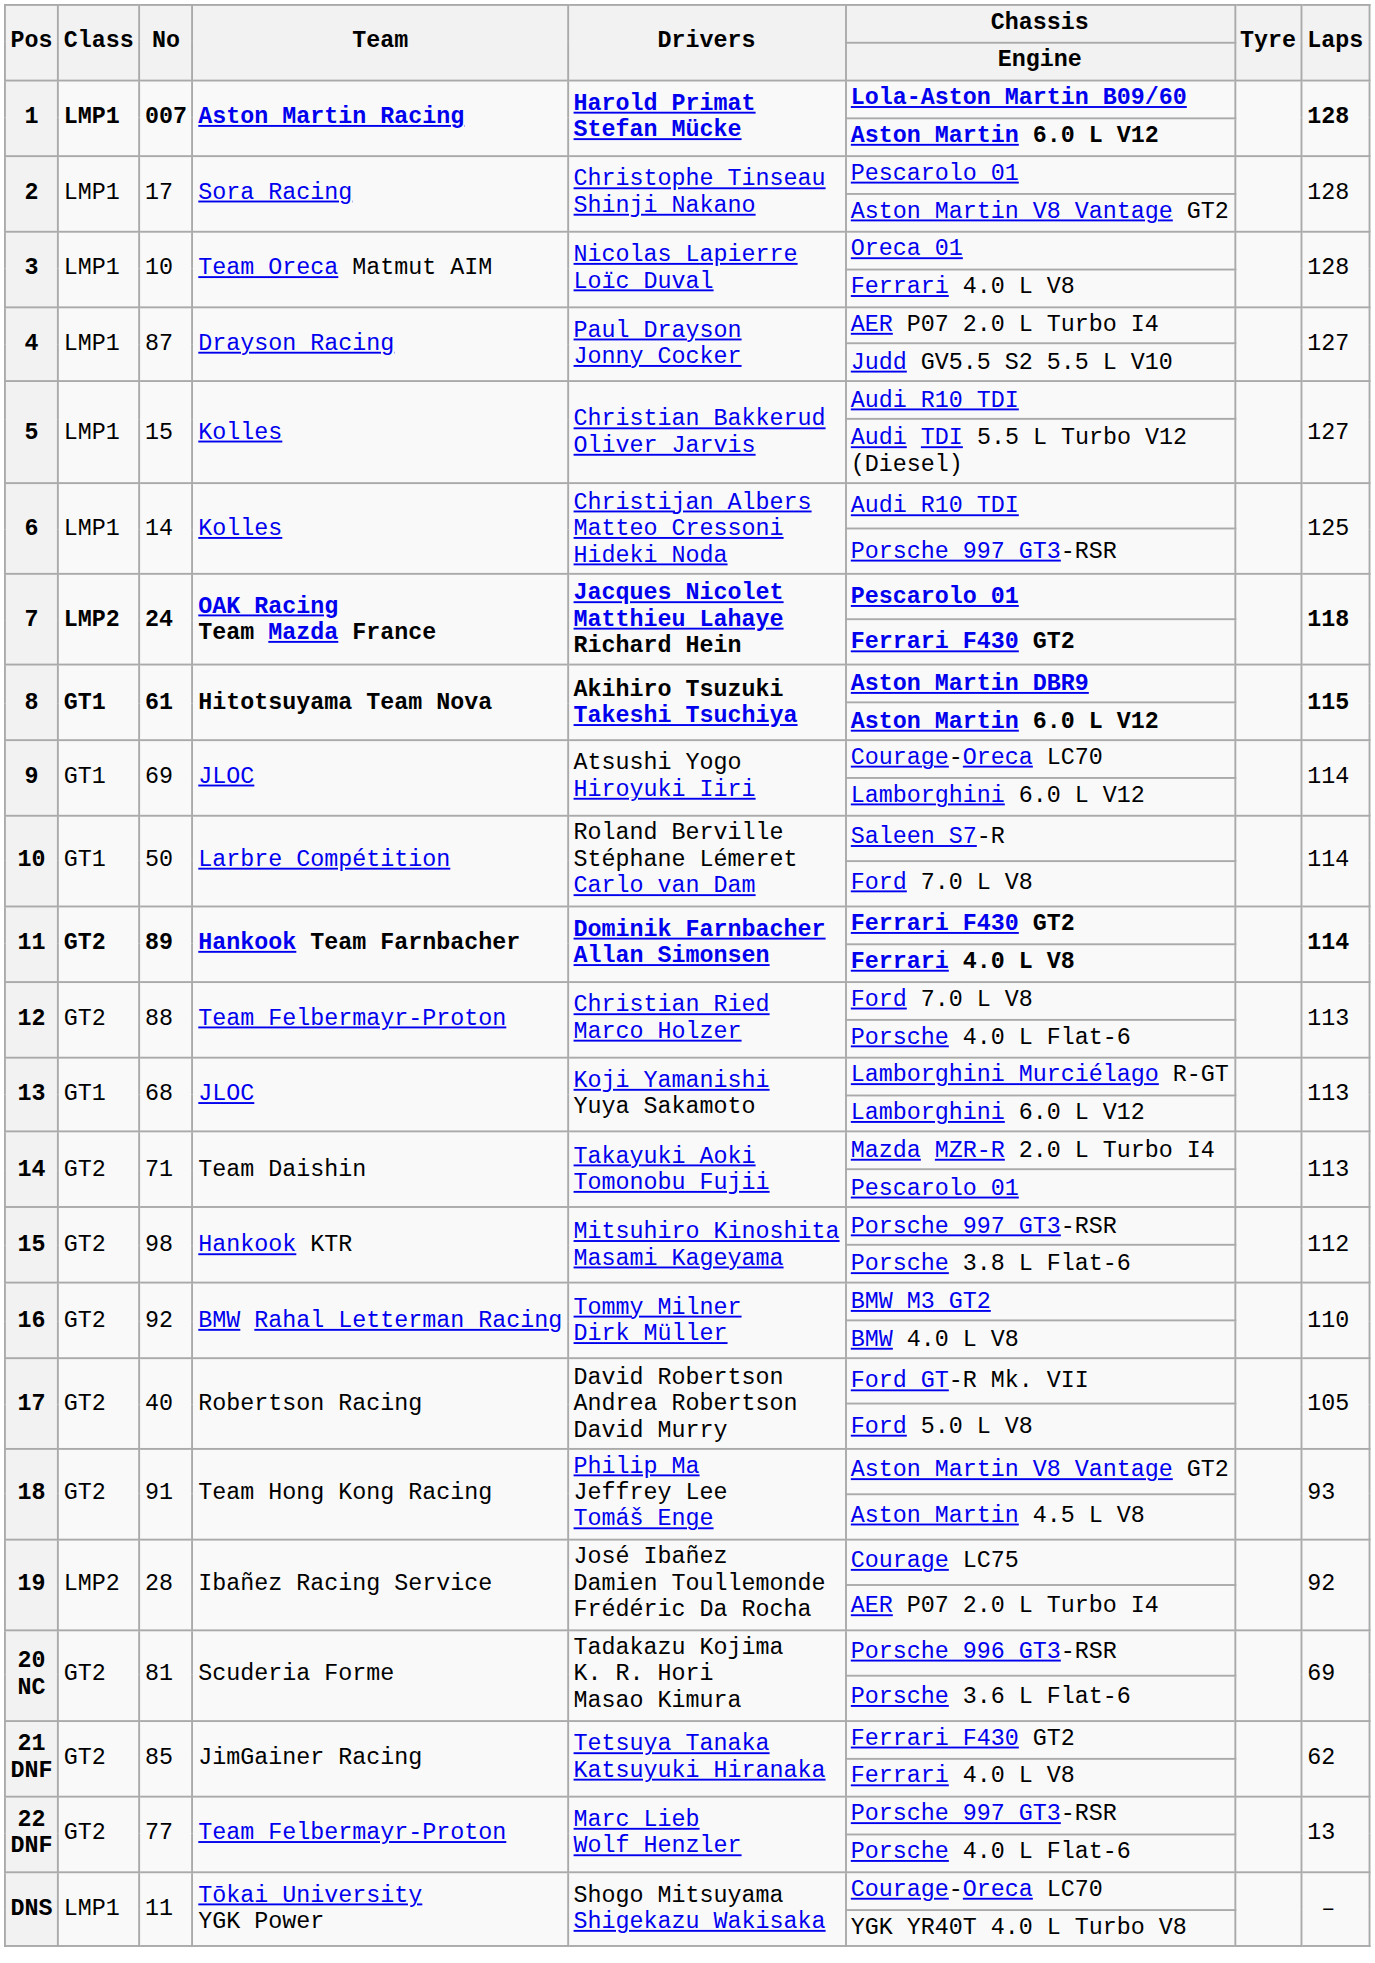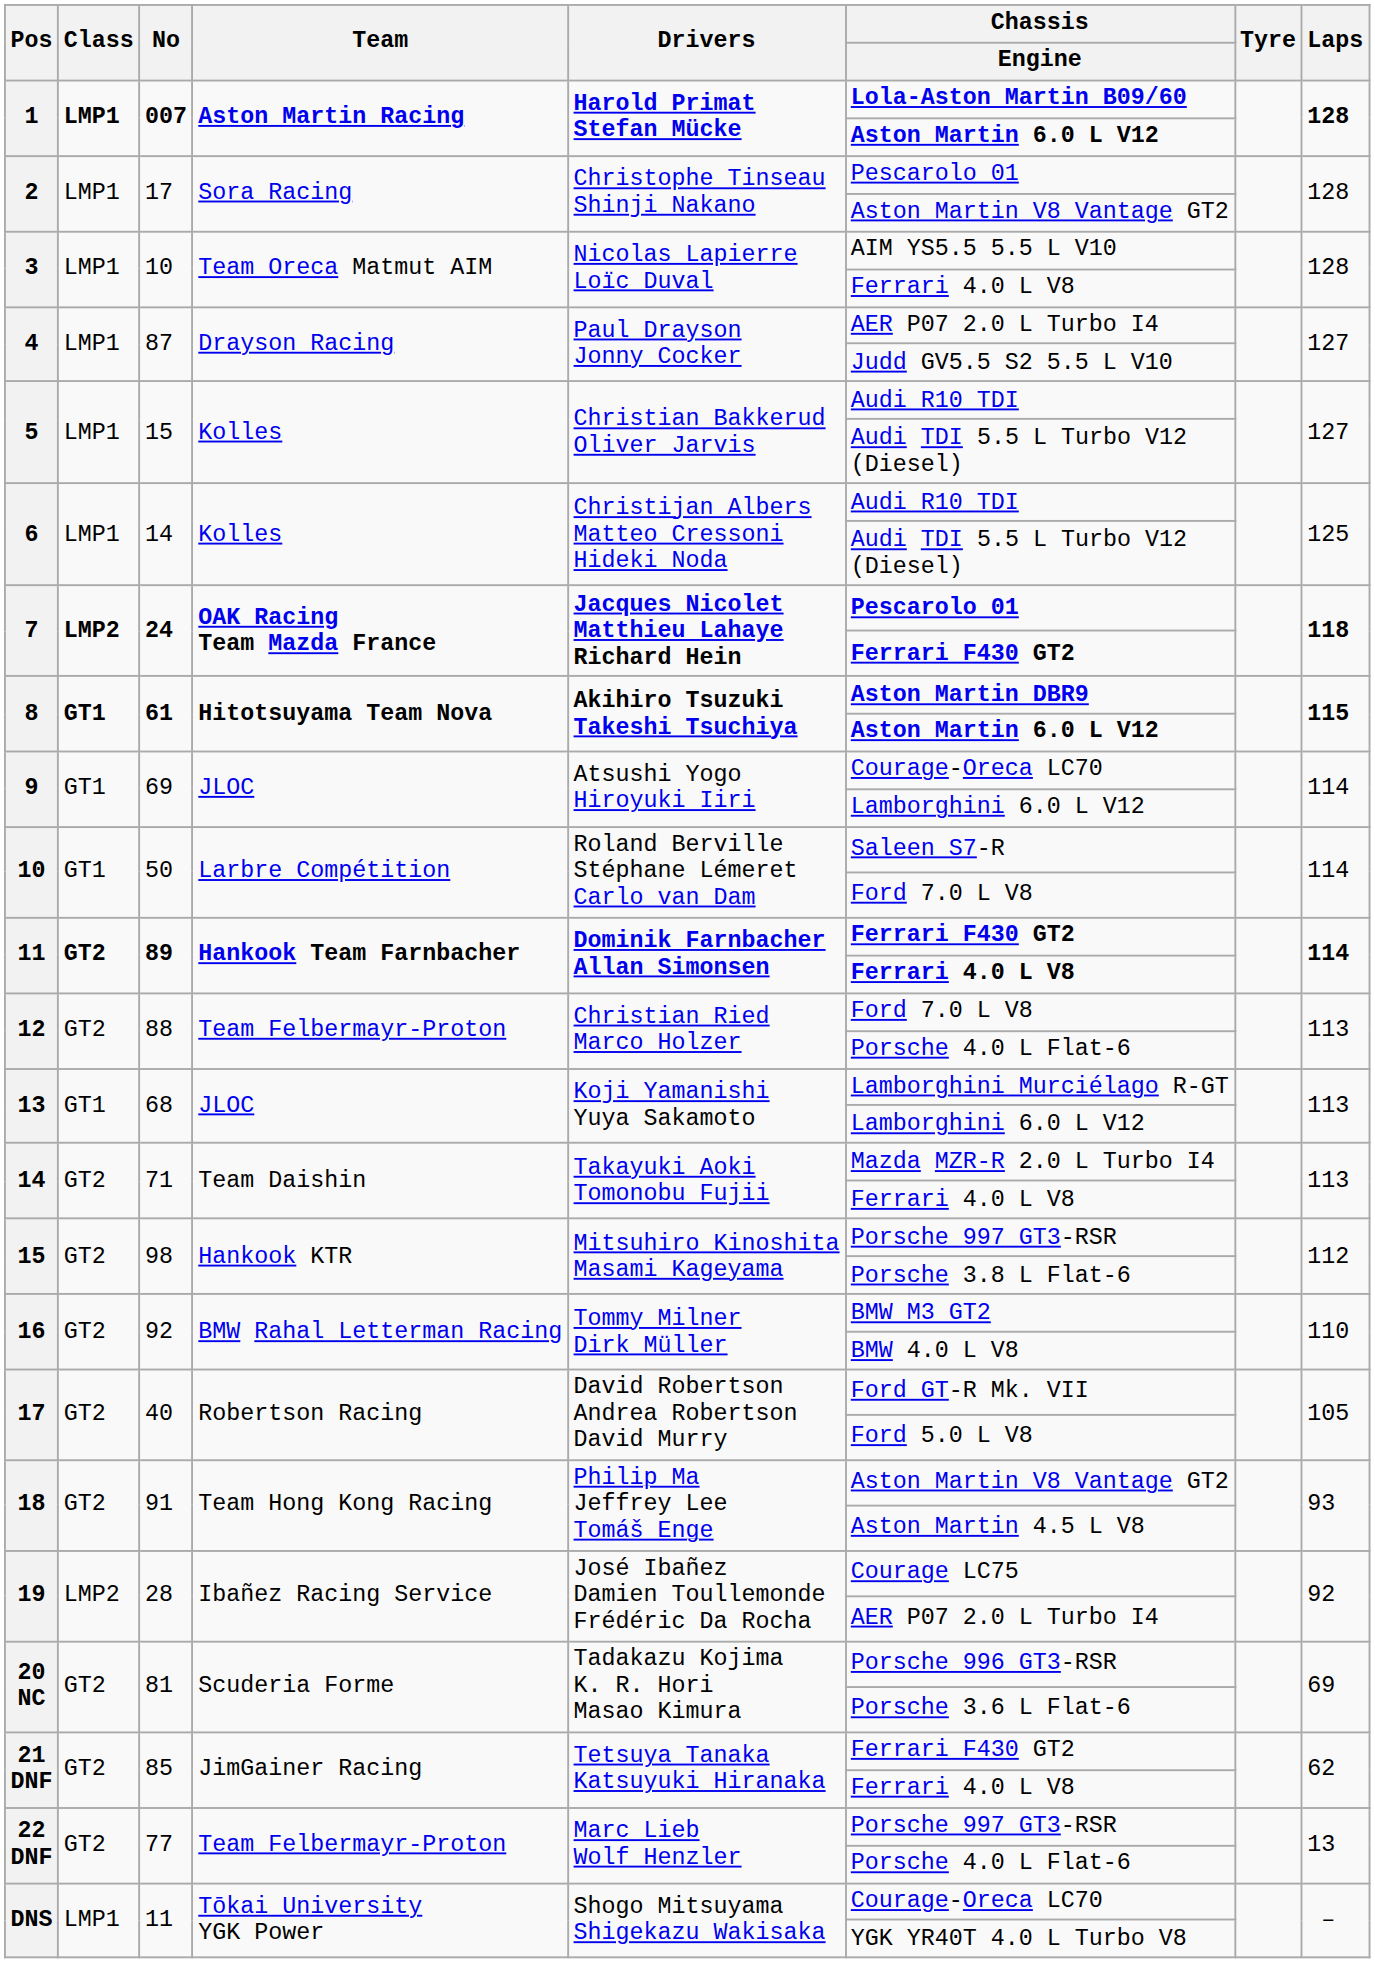 <table class="wikitable" style="font-size: 95%;">
 <tr>
 <th rowspan=2>Pos</th>
 <th rowspan=2>Class</th>
 <th rowspan=2>No</th>
 <th rowspan=2>Team</th>
 <th rowspan=2>Drivers</th>
 <th>Chassis</th>
 <th rowspan=2>Tyre</th>
 <th rowspan=2>Laps</th>
 </tr>
 <tr>
 <th>Engine</th>
 </tr>
 <tr style="font-weight:bold">
 <th rowspan=2>1</th>
 <td rowspan=2>LMP1</td>
 <td rowspan=2>007</td>
 <td rowspan=2> <a href='#'>Aston Martin Racing</a></td>
 <td rowspan=2> <a href='#'>Harold Primat</a><br> <a href='#'>Stefan Mücke</a></td>
 <td><a href='#'>Lola-Aston Martin B09/60</a></td>
 <td rowspan=2></td>
 <td rowspan=2>128</td>
 </tr>
 <tr style="font-weight:bold">
 <td><a href='#'>Aston Martin</a> 6.0 L V12</td>
 </tr>
 <tr>
 <th rowspan=2>2</th>
 <td rowspan=2>LMP1</td>
 <td rowspan=2>17</td>
 <td rowspan=2> <a href='#'>Sora Racing</a></td>
 <td rowspan=2> <a href='#'>Christophe Tinseau</a><br> <a href='#'>Shinji Nakano</a></td>
 <td><a href='#'>Pescarolo 01</a></td>
 <td rowspan=2></td>
 <td rowspan=2>128</td>
 </tr>
 <tr>
 <td><a href='#'>Aston Martin V8 Vantage</a> GT2</td>
 </tr>
 <tr>
 <th rowspan=2>3</th>
 <td rowspan=2>LMP1</td>
 <td rowspan=2>10</td>
 <td rowspan=2> <a href='#'>Team Oreca</a> Matmut AIM</td>
 <td rowspan=2> <a href='#'>Nicolas Lapierre</a><br> <a href='#'>Loïc Duval</a></td>
-<td><a href='#'>Oreca 01</a></td>
+<td>AIM YS5.5 5.5 L V10</td>
 <td rowspan=2></td>
 <td rowspan=2>128</td>
 </tr>
 <tr>
 <td><a href='#'>Ferrari</a> 4.0 L V8</td>
 </tr>
 <tr>
 <th rowspan=2>4</th>
 <td rowspan=2>LMP1</td>
 <td rowspan=2>87</td>
 <td rowspan=2> <a href='#'>Drayson Racing</a></td>
 <td rowspan=2> <a href='#'>Paul Drayson</a><br> <a href='#'>Jonny Cocker</a></td>
 <td><a href='#'>AER</a> P07 2.0 L Turbo I4</td>
 <td rowspan=2></td>
 <td rowspan=2>127</td>
 </tr>
 <tr>
 <td><a href='#'>Judd</a> GV5.5 S2 5.5 L V10</td>
 </tr>
 <tr>
 <th rowspan=2>5</th>
 <td rowspan=2>LMP1</td>
 <td rowspan=2>15</td>
 <td rowspan=2> <a href='#'>Kolles</a></td>
 <td rowspan=2> <a href='#'>Christian Bakkerud</a><br> <a href='#'>Oliver Jarvis</a></td>
 <td><a href='#'>Audi R10 TDI</a></td>
 <td rowspan=2></td>
 <td rowspan=2>127</td>
 </tr>
 <tr>
 <td><a href='#'>Audi</a> <a href='#'>TDI</a> 5.5 L Turbo V12<br>(Diesel)</td>
 </tr>
 <tr>
 <th rowspan=2>6</th>
 <td rowspan=2>LMP1</td>
 <td rowspan=2>14</td>
 <td rowspan=2> <a href='#'>Kolles</a></td>
 <td rowspan=2> <a href='#'>Christijan Albers</a><br> <a href='#'>Matteo Cressoni</a><br> <a href='#'>Hideki Noda</a></td>
 <td><a href='#'>Audi R10 TDI</a></td>
 <td rowspan=2></td>
 <td rowspan=2>125</td>
 </tr>
 <tr>
-<td><a href='#'>Porsche 997 GT3</a>-RSR</td>
+<td><a href='#'>Audi</a> <a href='#'>TDI</a> 5.5 L Turbo V12<br>(Diesel)</td>
 </tr>
 <tr style="font-weight:bold">
 <th rowspan=2>7</th>
 <td rowspan=2>LMP2</td>
 <td rowspan=2>24</td>
 <td rowspan=2> <a href='#'>OAK Racing</a><br> Team <a href='#'>Mazda</a> France</td>
 <td rowspan=2> <a href='#'>Jacques Nicolet</a><br> <a href='#'>Matthieu Lahaye</a><br> Richard Hein</td>
 <td><a href='#'>Pescarolo 01</a></td>
 <td rowspan=2></td>
 <td rowspan=2>118</td>
 </tr>
 <tr style="font-weight:bold">
 <td><a href='#'>Ferrari F430</a> GT2</td>
 </tr>
 <tr style="font-weight:bold">
 <th rowspan=2>8</th>
 <td rowspan=2>GT1</td>
 <td rowspan=2>61</td>
 <td rowspan=2> Hitotsuyama Team Nova</td>
 <td rowspan=2> Akihiro Tsuzuki<br> <a href='#'>Takeshi Tsuchiya</a></td>
 <td><a href='#'>Aston Martin DBR9</a></td>
 <td rowspan=2></td>
 <td rowspan=2>115</td>
 </tr>
 <tr style="font-weight:bold">
 <td><a href='#'>Aston Martin</a> 6.0 L V12</td>
 </tr>
 <tr>
 <th rowspan=2>9</th>
 <td rowspan=2>GT1</td>
 <td rowspan=2>69</td>
 <td rowspan=2> <a href='#'>JLOC</a></td>
 <td rowspan=2> Atsushi Yogo<br> <a href='#'>Hiroyuki Iiri</a></td>
 <td><a href='#'>Courage</a>-<a href='#'>Oreca</a> LC70</td>
 <td rowspan=2></td>
 <td rowspan=2>114</td>
 </tr>
 <tr>
 <td><a href='#'>Lamborghini</a> 6.0 L V12</td>
 </tr>
 <tr>
 <th rowspan=2>10</th>
 <td rowspan=2>GT1</td>
 <td rowspan=2>50</td>
 <td rowspan=2> <a href='#'>Larbre Compétition</a></td>
 <td rowspan=2> Roland Berville<br> Stéphane Lémeret<br> <a href='#'>Carlo van Dam</a></td>
 <td><a href='#'>Saleen S7</a>-R</td>
 <td rowspan=2></td>
 <td rowspan=2>114</td>
 </tr>
 <tr>
 <td><a href='#'>Ford</a> 7.0 L V8</td>
 </tr>
 <tr style="font-weight:bold">
 <th rowspan=2>11</th>
 <td rowspan=2>GT2</td>
 <td rowspan=2>89</td>
 <td rowspan=2> <a href='#'>Hankook</a> Team Farnbacher</td>
 <td rowspan=2> <a href='#'>Dominik Farnbacher</a><br> <a href='#'>Allan Simonsen</a></td>
 <td><a href='#'>Ferrari F430</a> GT2</td>
 <td rowspan=2></td>
 <td rowspan=2>114</td>
 </tr>
 <tr style="font-weight:bold">
 <td><a href='#'>Ferrari</a> 4.0 L V8</td>
 </tr>
 <tr>
 <th rowspan=2>12</th>
 <td rowspan=2>GT2</td>
 <td rowspan=2>88</td>
 <td rowspan=2> <a href='#'>Team Felbermayr-Proton</a></td>
 <td rowspan=2> <a href='#'>Christian Ried</a><br> <a href='#'>Marco Holzer</a></td>
 <td><a href='#'>Ford</a> 7.0 L V8</td>
 <td rowspan=2></td>
 <td rowspan=2>113</td>
 </tr>
 <tr>
 <td><a href='#'>Porsche</a> 4.0 L Flat-6</td>
 </tr>
 <tr>
 <th rowspan=2>13</th>
 <td rowspan=2>GT1</td>
 <td rowspan=2>68</td>
 <td rowspan=2> <a href='#'>JLOC</a></td>
 <td rowspan=2> <a href='#'>Koji Yamanishi</a><br> Yuya Sakamoto</td>
 <td><a href='#'>Lamborghini Murciélago</a> R-GT</td>
 <td rowspan=2></td>
 <td rowspan=2>113</td>
 </tr>
 <tr>
 <td><a href='#'>Lamborghini</a> 6.0 L V12</td>
 </tr>
 <tr>
 <th rowspan=2>14</th>
 <td rowspan=2>GT2</td>
 <td rowspan=2>71</td>
 <td rowspan=2> Team Daishin</td>
 <td rowspan=2> <a href='#'>Takayuki Aoki</a><br> <a href='#'>Tomonobu Fujii</a></td>
 <td><a href='#'>Mazda</a> <a href='#'>MZR-R</a> 2.0 L Turbo I4</td>
 <td rowspan=2></td>
 <td rowspan=2>113</td>
 </tr>
 <tr>
-<td><a href='#'>Pescarolo 01</a></td>
+<td><a href='#'>Ferrari</a> 4.0 L V8</td>
 </tr>
 <tr>
 <th rowspan=2>15</th>
 <td rowspan=2>GT2</td>
 <td rowspan=2>98</td>
 <td rowspan=2> <a href='#'>Hankook</a> KTR</td>
 <td rowspan=2> <a href='#'>Mitsuhiro Kinoshita</a><br> <a href='#'>Masami Kageyama</a></td>
 <td><a href='#'>Porsche 997 GT3</a>-RSR</td>
 <td rowspan=2></td>
 <td rowspan=2>112</td>
 </tr>
 <tr>
 <td><a href='#'>Porsche</a> 3.8 L Flat-6</td>
 </tr>
 <tr>
 <th rowspan=2>16</th>
 <td rowspan=2>GT2</td>
 <td rowspan=2>92</td>
 <td rowspan=2> <a href='#'>BMW</a> <a href='#'>Rahal Letterman Racing</a></td>
 <td rowspan=2> <a href='#'>Tommy Milner</a><br> <a href='#'>Dirk Müller</a></td>
 <td><a href='#'>BMW M3 GT2</a></td>
 <td rowspan=2></td>
 <td rowspan=2>110</td>
 </tr>
 <tr>
 <td><a href='#'>BMW</a> 4.0 L V8</td>
 </tr>
 <tr>
 <th rowspan=2>17</th>
 <td rowspan=2>GT2</td>
 <td rowspan=2>40</td>
 <td rowspan=2> Robertson Racing</td>
 <td rowspan=2> David Robertson<br> Andrea Robertson<br> David Murry</td>
 <td><a href='#'>Ford GT</a>-R Mk. VII</td>
 <td rowspan=2></td>
 <td rowspan=2>105</td>
 </tr>
 <tr>
 <td><a href='#'>Ford</a> 5.0 L V8</td>
 </tr>
 <tr>
 <th rowspan=2>18</th>
 <td rowspan=2>GT2</td>
 <td rowspan=2>91</td>
 <td rowspan=2> Team Hong Kong Racing</td>
 <td rowspan=2> <a href='#'>Philip Ma</a><br> Jeffrey Lee<br> <a href='#'>Tomáš Enge</a></td>
 <td><a href='#'>Aston Martin V8 Vantage</a> GT2</td>
 <td rowspan=2></td>
 <td rowspan=2>93</td>
 </tr>
 <tr>
 <td><a href='#'>Aston Martin</a> 4.5 L V8</td>
 </tr>
 <tr>
 <th rowspan=2>19</th>
 <td rowspan=2>LMP2</td>
 <td rowspan=2>28</td>
 <td rowspan=2> Ibañez Racing Service</td>
 <td rowspan=2> José Ibañez<br> Damien Toullemonde<br> Frédéric Da Rocha</td>
 <td><a href='#'>Courage</a> LC75</td>
 <td rowspan=2></td>
 <td rowspan=2>92</td>
 </tr>
 <tr>
 <td><a href='#'>AER</a> P07 2.0 L Turbo I4</td>
 </tr>
 <tr>
 <th rowspan=2>20<br>NC</th>
 <td rowspan=2>GT2</td>
 <td rowspan=2>81</td>
 <td rowspan=2> Scuderia Forme</td>
 <td rowspan=2> Tadakazu Kojima<br> K. R. Hori<br> Masao Kimura</td>
 <td><a href='#'>Porsche 996 GT3</a>-RSR</td>
 <td rowspan=2></td>
 <td rowspan=2>69</td>
 </tr>
 <tr>
 <td><a href='#'>Porsche</a> 3.6 L Flat-6</td>
 </tr>
 <tr>
 <th rowspan=2>21<br>DNF</th>
 <td rowspan=2>GT2</td>
 <td rowspan=2>85</td>
 <td rowspan=2> JimGainer Racing</td>
 <td rowspan=2> <a href='#'>Tetsuya Tanaka</a><br> <a href='#'>Katsuyuki Hiranaka</a></td>
 <td><a href='#'>Ferrari F430</a> GT2</td>
 <td rowspan=2></td>
 <td rowspan=2>62</td>
 </tr>
 <tr>
 <td><a href='#'>Ferrari</a> 4.0 L V8</td>
 </tr>
 <tr>
 <th rowspan=2>22<br>DNF</th>
 <td rowspan=2>GT2</td>
 <td rowspan=2>77</td>
 <td rowspan=2> <a href='#'>Team Felbermayr-Proton</a></td>
 <td rowspan=2> <a href='#'>Marc Lieb</a><br> <a href='#'>Wolf Henzler</a></td>
 <td><a href='#'>Porsche 997 GT3</a>-RSR</td>
 <td rowspan=2></td>
 <td rowspan=2>13</td>
 </tr>
 <tr>
 <td><a href='#'>Porsche</a> 4.0 L Flat-6</td>
 </tr>
 <tr>
 <th rowspan=2>DNS</th>
 <td rowspan=2>LMP1</td>
 <td rowspan=2>11</td>
 <td rowspan=2> <a href='#'>Tōkai University</a><br> YGK Power</td>
 <td rowspan=2> Shogo Mitsuyama<br> <a href='#'>Shigekazu Wakisaka</a></td>
 <td><a href='#'>Courage</a>-<a href='#'>Oreca</a> LC70</td>
 <td rowspan=2></td>
 <td rowspan=2> –</td>
 </tr>
 <tr>
 <td>YGK YR40T 4.0 L Turbo V8</td>
 </tr>
 </table>
